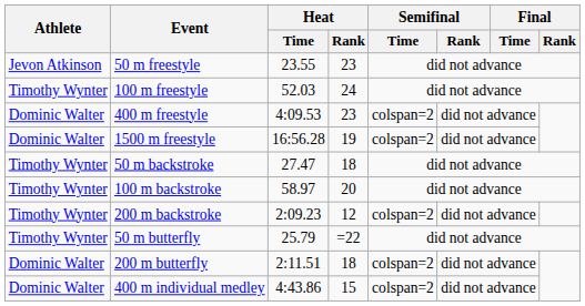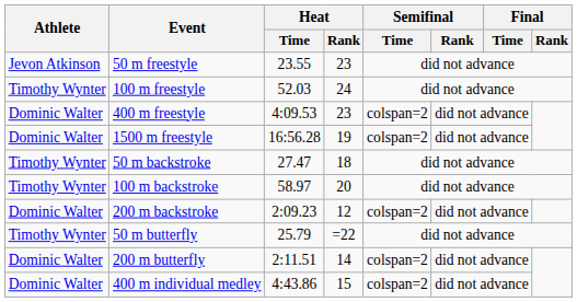 <table class=wikitable style=font-size:90%>
 <tr>
 <th rowspan=2>Athlete</th>
 <th rowspan=2>Event</th>
 <th colspan=2>Heat</th>
 <th colspan=2>Semifinal</th>
 <th colspan=2>Final</th>
 </tr>
 <tr style=font-size:95%>
 <th>Time</th>
 <th>Rank</th>
 <th>Time</th>
 <th>Rank</th>
 <th>Time</th>
 <th>Rank</th>
 </tr>
 <tr align=center>
 <td align=left><a href='#'>Jevon Atkinson</a></td>
 <td align=left><a href='#'>50 m freestyle</a></td>
 <td>23.55</td>
 <td>23</td>
 <td colspan=4>did not advance</td>
 </tr>
 <tr align=center>
 <td align=left><a href='#'>Timothy Wynter</a></td>
 <td align=left><a href='#'>100 m freestyle</a></td>
 <td>52.03</td>
 <td>24</td>
 <td colspan=4>did not advance</td>
 </tr>
 <tr align=center>
 <td align=left><a href='#'>Dominic Walter</a></td>
 <td align=left><a href='#'>400 m freestyle</a></td>
 <td>4:09.53</td>
 <td>23</td>
 <td>colspan=2 </td>
 <td colspan=2>did not advance</td>
 </tr>
 <tr align=center>
 <td align=left><a href='#'>Dominic Walter</a></td>
 <td align=left><a href='#'>1500 m freestyle</a></td>
 <td>16:56.28</td>
 <td>19</td>
 <td>colspan=2 </td>
 <td colspan=2>did not advance</td>
 </tr>
 <tr align=center>
 <td align=left><a href='#'>Timothy Wynter</a></td>
 <td align=left><a href='#'>50 m backstroke</a></td>
 <td>27.47</td>
 <td>18</td>
 <td colspan=4>did not advance</td>
 </tr>
 <tr align=center>
 <td align=left><a href='#'>Timothy Wynter</a></td>
 <td align=left><a href='#'>100 m backstroke</a></td>
 <td>58.97</td>
 <td>20</td>
 <td colspan=4>did not advance</td>
 </tr>
 <tr align=center>
-<td align=left><a href='#'>Timothy Wynter</a></td>
+<td align=left><a href='#'>Dominic Walter</a></td>
 <td align=left><a href='#'>200 m backstroke</a></td>
 <td>2:09.23</td>
 <td>12</td>
 <td>colspan=2 </td>
 <td colspan=2>did not advance</td>
 </tr>
 <tr align=center>
 <td align=left><a href='#'>Timothy Wynter</a></td>
 <td align=left><a href='#'>50 m butterfly</a></td>
 <td>25.79</td>
 <td>=22</td>
 <td colspan=4>did not advance</td>
 </tr>
 <tr align=center>
 <td align=left><a href='#'>Dominic Walter</a></td>
 <td align=left><a href='#'>200 m butterfly</a></td>
 <td>2:11.51</td>
-<td>18</td>
+<td>14</td>
 <td>colspan=2 </td>
 <td colspan=2>did not advance</td>
 </tr>
 <tr align=center>
 <td align=left><a href='#'>Dominic Walter</a></td>
 <td align=left><a href='#'>400 m individual medley</a></td>
 <td>4:43.86</td>
 <td>15</td>
 <td>colspan=2 </td>
 <td colspan=2>did not advance</td>
 </tr>
 </table>
